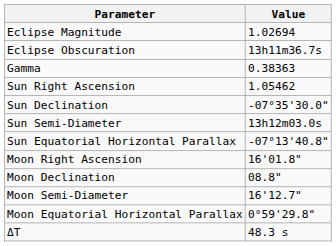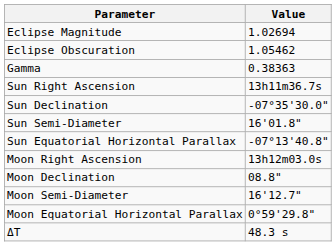 <table class="wikitable">
 <tr>
 <th>Parameter</th>
 <th>Value</th>
 </tr>
 <tr>
 <td>Eclipse Magnitude</td>
 <td>1.02694</td>
 </tr>
 <tr>
 <td>Eclipse Obscuration</td>
-<td>13h11m36.7s</td>
+<td>1.05462</td>
 </tr>
 <tr>
 <td>Gamma</td>
 <td>0.38363</td>
 </tr>
 <tr>
 <td>Sun Right Ascension</td>
-<td>1.05462</td>
+<td>13h11m36.7s</td>
 </tr>
 <tr>
 <td>Sun Declination</td>
 <td>-07°35'30.0"</td>
 </tr>
 <tr>
 <td>Sun Semi-Diameter</td>
-<td>13h12m03.0s</td>
+<td>16'01.8"</td>
 </tr>
 <tr>
 <td>Sun Equatorial Horizontal Parallax</td>
 <td>-07°13'40.8"</td>
 </tr>
 <tr>
 <td>Moon Right Ascension</td>
-<td>16'01.8"</td>
+<td>13h12m03.0s</td>
 </tr>
 <tr>
 <td>Moon Declination</td>
 <td>08.8"</td>
 </tr>
 <tr>
 <td>Moon Semi-Diameter</td>
 <td>16'12.7"</td>
 </tr>
 <tr>
 <td>Moon Equatorial Horizontal Parallax</td>
 <td>0°59'29.8"</td>
 </tr>
 <tr>
 <td>ΔT</td>
 <td>48.3 s</td>
 </tr>
 </table>
